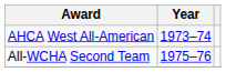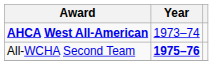 <table class="wikitable">
 <tr>
 <th>Award</th>
 <th>Year</th>
 <th></th>
 </tr>
 <tr>
-<td><a href='#'>AHCA</a> <a href='#'>West All-American</a></td>
+<td><strong><a href='#'>AHCA</a> <a href='#'>West All-American</a></strong></td>
 <td><a href='#'>1973–74</a></td>
 <td></td>
 </tr>
 <tr>
 <td>All-<a href='#'>WCHA</a> <a href='#'>Second Team</a></td>
-<td><a href='#'>1975–76</a></td>
+<td><strong><a href='#'>1975–76</a></strong></td>
 <td></td>
 </tr>
 <tr>
 </tr>
 </table>
